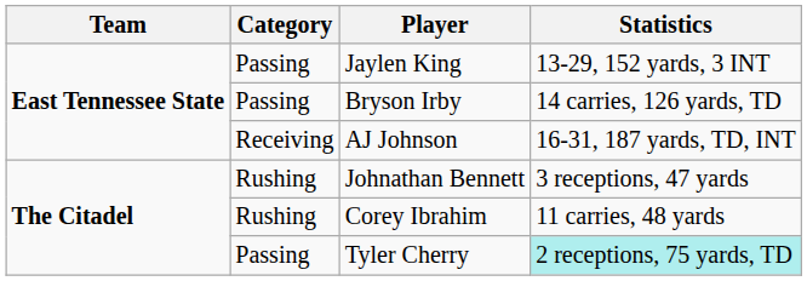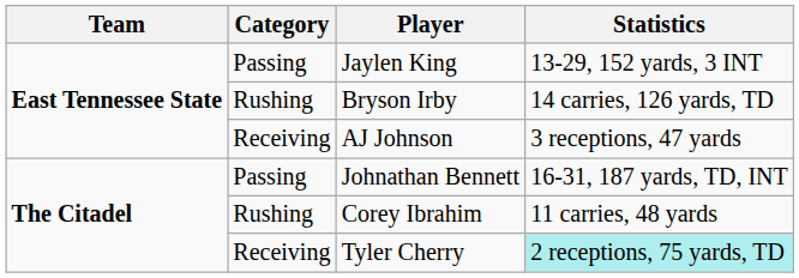 <table class="wikitable" style="float: right;">
 <tr>
 <th>Team</th>
 <th>Category</th>
 <th>Player</th>
 <th>Statistics</th>
 </tr>
 <tr>
 <td rowspan=3><strong>East Tennessee State</strong></td>
 <td>Passing</td>
 <td>Jaylen King</td>
 <td>13-29, 152 yards, 3 INT</td>
 </tr>
 <tr>
-<td>Passing</td>
+<td>Rushing</td>
 <td>Bryson Irby</td>
 <td>14 carries, 126 yards, TD</td>
 </tr>
 <tr>
 <td>Receiving</td>
 <td>AJ Johnson</td>
-<td>16-31, 187 yards, TD, INT</td>
+<td>3 receptions, 47 yards</td>
 </tr>
 <tr>
 <td rowspan=3><strong>The Citadel</strong></td>
-<td>Rushing</td>
+<td>Passing</td>
 <td>Johnathan Bennett</td>
-<td>3 receptions, 47 yards</td>
+<td>16-31, 187 yards, TD, INT</td>
 </tr>
 <tr>
 <td>Rushing</td>
 <td>Corey Ibrahim</td>
 <td>11 carries, 48 yards</td>
 </tr>
 <tr>
-<td>Passing</td>
+<td>Receiving</td>
 <td>Tyler Cherry</td>
 <td style="background: paleturquoise;">2 receptions, 75 yards, TD</td>
 </tr>
 </table>
